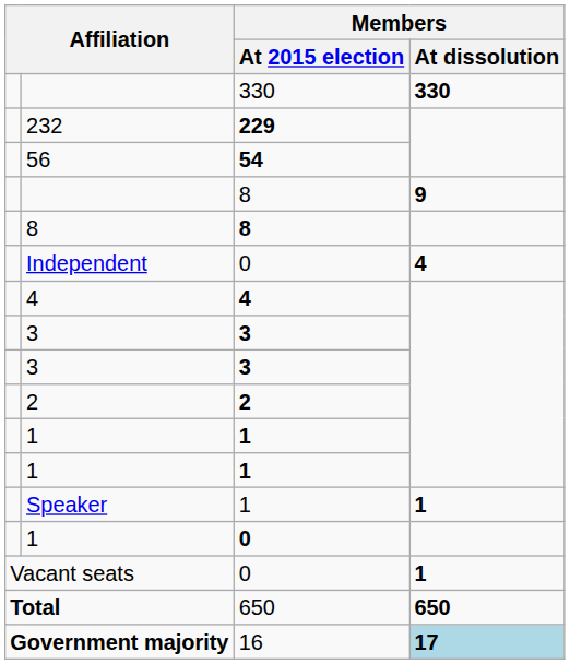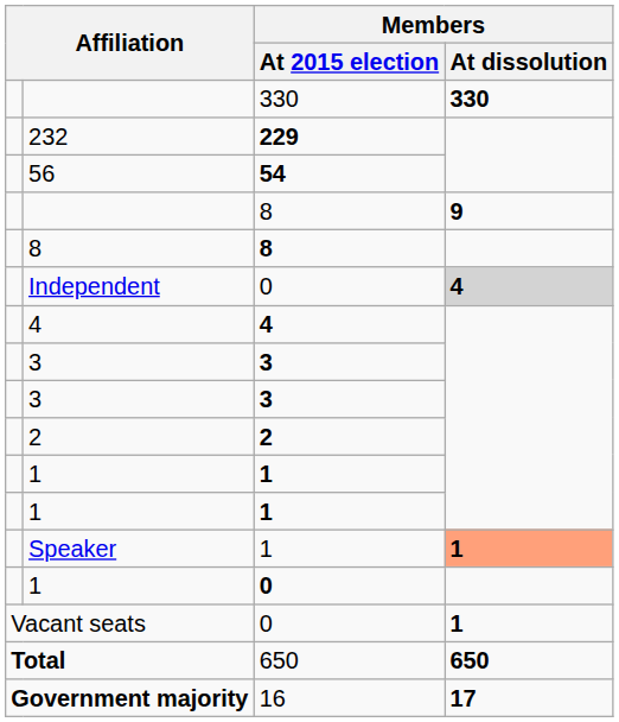 <table class="wikitable" border="1" style="font-size:95%;">
 <tr>
 <th colspan="2" rowspan="2" style="text-align:center;vertical-align:middle;">Affiliation</th>
 <th colspan="2" style="vertical-align:top;">Members</th>
 </tr>
 <tr>
 <th>At <a href='#'>2015 election</a></th>
 <th>At dissolution</th>
 </tr>
 <tr>
 <td style="width: 4px" style="background-color:"></td>
 <td style="text-align: left;" scope="row"><a href='#'></a></td>
 <td>330</td>
 <td><strong>330</strong></td>
 </tr>
 <tr>
 <td></td>
 <td>232</td>
 <td><strong>229</strong></td>
 </tr>
 <tr>
 <td></td>
 <td>56</td>
 <td><strong>54</strong></td>
 </tr>
 <tr>
 <td style="width: 4px" style="background-color:"></td>
 <td style="text-align: left;" scope="row"><a href='#'></a></td>
 <td>8</td>
 <td><strong>9</strong></td>
 </tr>
 <tr>
 <td></td>
 <td>8</td>
 <td><strong>8</strong></td>
 </tr>
 <tr>
 <td style="background-color:"> </td>
 <td><a href='#'>Independent</a></td>
 <td>0</td>
-<td><strong>4</strong></td>
+<td style="background: lightgrey;"><strong>4</strong></td>
 </tr>
 <tr>
 <td></td>
 <td>4</td>
 <td><strong>4</strong></td>
 </tr>
 <tr>
 <td></td>
 <td>3</td>
 <td><strong>3</strong></td>
 </tr>
 <tr>
 <td></td>
 <td>3</td>
 <td><strong>3</strong></td>
 </tr>
 <tr>
 <td></td>
 <td>2</td>
 <td><strong>2</strong></td>
 </tr>
 <tr>
 <td></td>
 <td>1</td>
 <td><strong>1</strong></td>
 </tr>
 <tr>
 <td></td>
 <td>1</td>
 <td><strong>1</strong></td>
 </tr>
 <tr>
 <td style="background-color:"> </td>
 <td><a href='#'>Speaker</a></td>
 <td>1</td>
-<td><strong>1</strong></td>
+<td style="background: lightsalmon;"><strong>1</strong></td>
 </tr>
 <tr>
 <td></td>
 <td>1</td>
 <td><strong>0</strong></td>
 </tr>
 <tr>
 <td colspan=2>Vacant seats</td>
 <td>0</td>
 <td><strong>1</strong></td>
 </tr>
 <tr>
 <td colspan="2" rowspan="1"><strong>Total</strong></td>
 <td>650</td>
 <td><strong>650</strong></td>
 </tr>
 <tr>
 <td colspan="2" rowspan="1"><strong>Government majority</strong></td>
 <td>16</td>
-<td style="background: lightblue;"><strong>17</strong></td>
+<td><strong>17</strong></td>
 </tr>
 </table>
